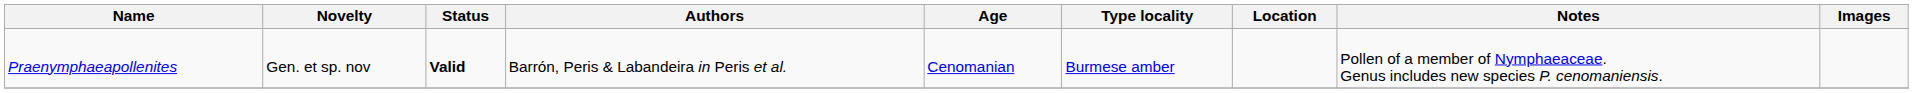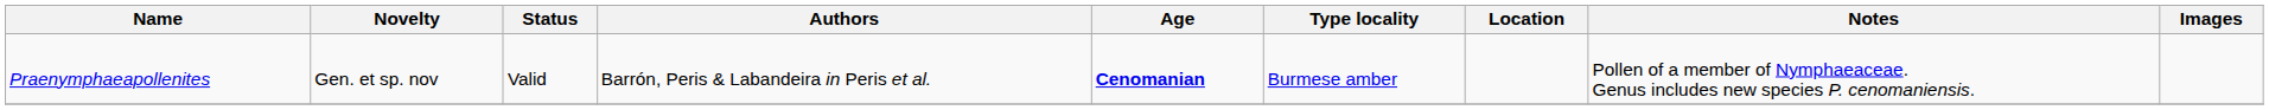 <table class="wikitable sortable" align="center" width="100%">
 <tr>
 <th>Name</th>
 <th>Novelty</th>
 <th>Status</th>
 <th>Authors</th>
 <th>Age</th>
 <th>Type locality</th>
 <th>Location</th>
 <th>Notes</th>
 <th>Images</th>
 </tr>
 <tr>
 <td><br><em><a href='#'>Praenymphaeapollenites</a></em></td>
 <td><br>Gen. et sp. nov</td>
-<td><strong><br>Valid</strong></td>
+<td><br>Valid</td>
 <td><br>Barrón, Peris & Labandeira <em>in</em> Peris <em>et al.</em></td>
-<td><br><a href='#'>Cenomanian</a></td>
+<td><strong><br><a href='#'>Cenomanian</a></strong></td>
 <td><br><a href='#'>Burmese amber</a></td>
 <td><br></td>
 <td><br>Pollen of a member of <a href='#'>Nymphaeaceae</a>.<br> Genus includes new species <em>P. cenomaniensis</em>.</td>
 <td></td>
 </tr>
 <tr>
 </tr>
 </table>
